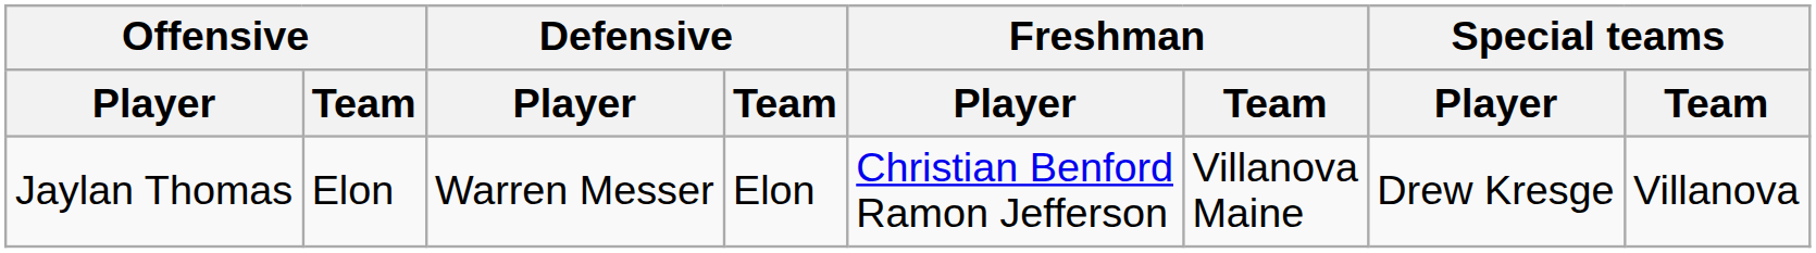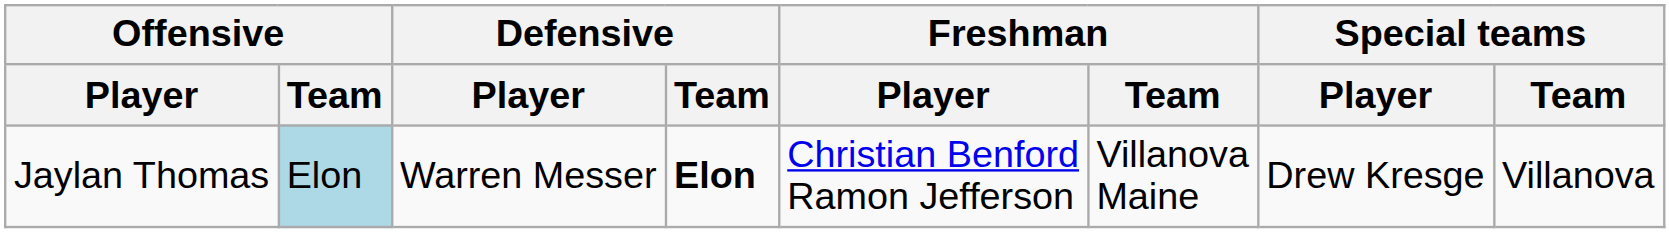 <table class="wikitable" border="1">
 <tr>
 <th colspan="2">Offensive</th>
 <th colspan="2">Defensive</th>
 <th colspan="2">Freshman</th>
 <th colspan="2">Special teams</th>
 </tr>
 <tr>
 <th>Player</th>
 <th>Team</th>
 <th>Player</th>
 <th>Team</th>
 <th>Player</th>
 <th>Team</th>
 <th>Player</th>
 <th>Team</th>
 </tr>
 <tr>
 <td>Jaylan Thomas</td>
-<td>Elon</td>
+<td style="background: lightblue;">Elon</td>
 <td>Warren Messer</td>
-<td>Elon</td>
+<td><strong>Elon</strong></td>
 <td><a href='#'>Christian Benford</a><br>Ramon Jefferson</td>
 <td>Villanova<br>Maine</td>
 <td>Drew Kresge</td>
 <td>Villanova</td>
 </tr>
 </table>
